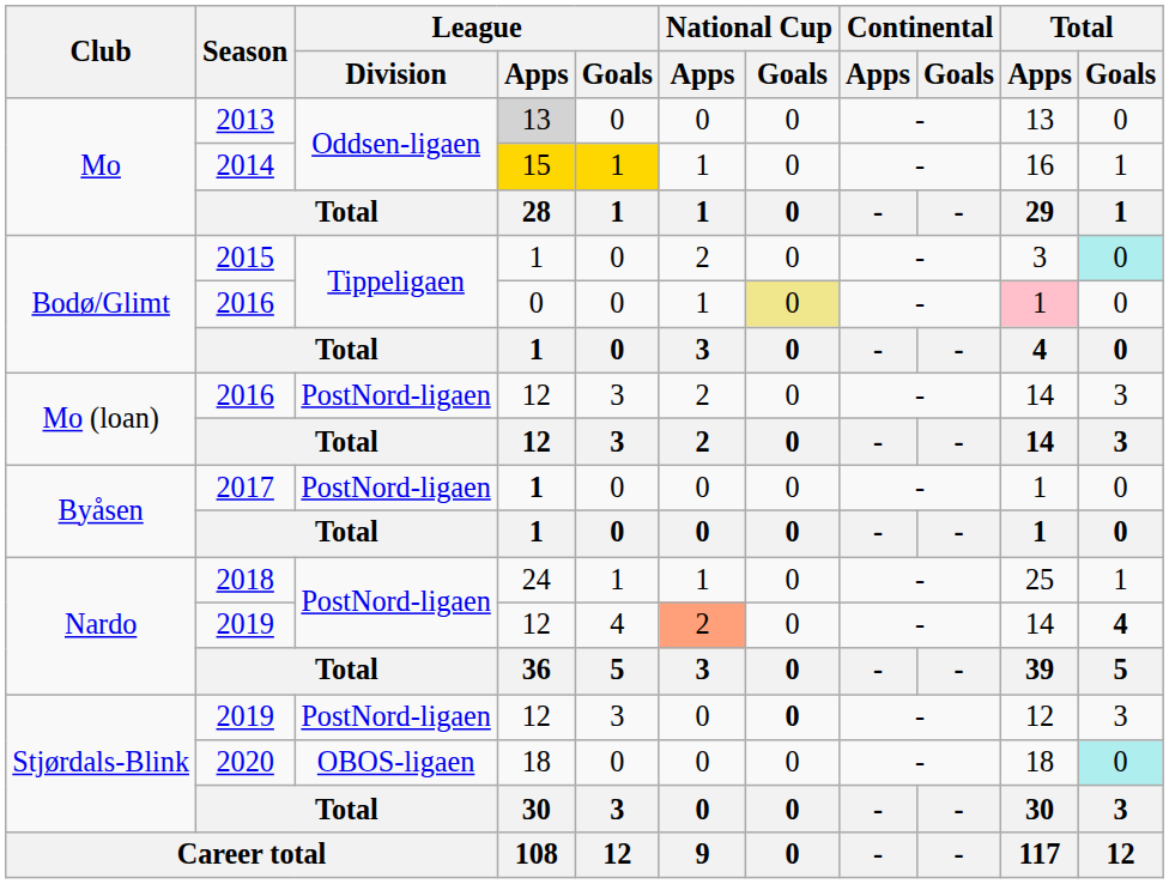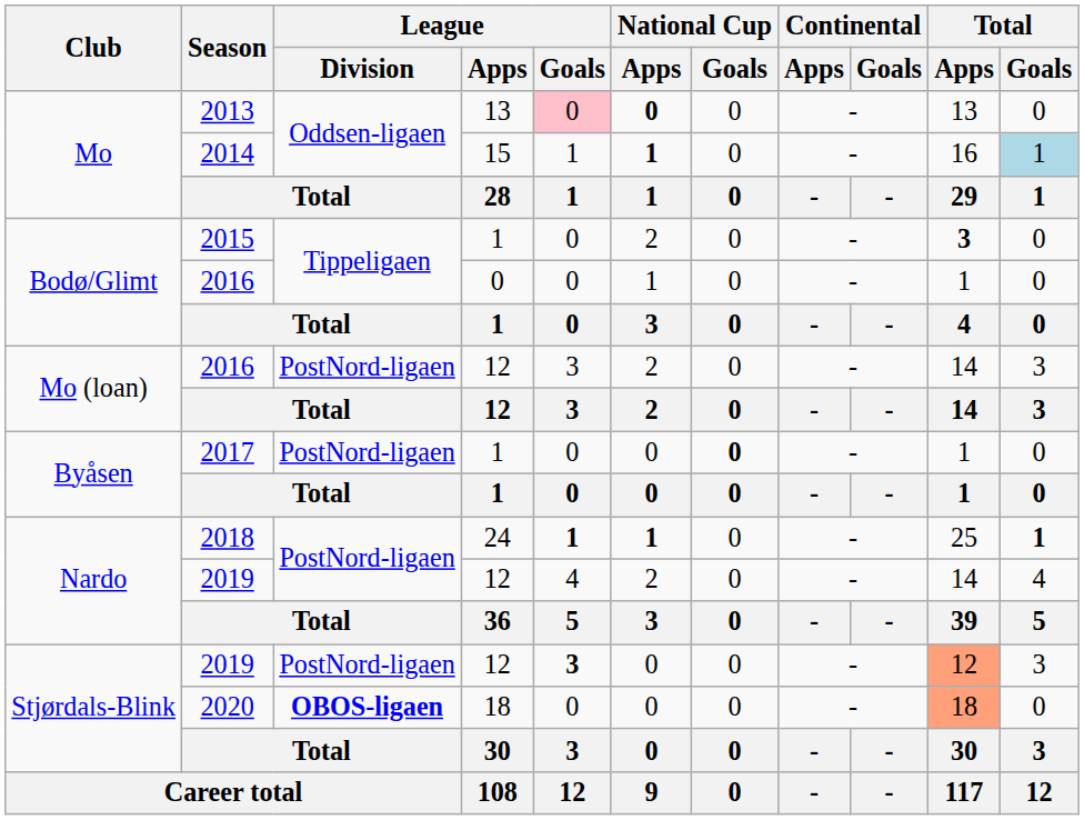 <table class="wikitable" style="text-align: center;">
 <tr>
 <th rowspan="2">Club</th>
 <th rowspan="2">Season</th>
 <th colspan="3">League</th>
 <th colspan="2">National Cup</th>
 <th colspan="2">Continental</th>
 <th colspan="2">Total</th>
 </tr>
 <tr>
 <th>Division</th>
 <th>Apps</th>
 <th>Goals</th>
 <th>Apps</th>
 <th>Goals</th>
 <th>Apps</th>
 <th>Goals</th>
 <th>Apps</th>
 <th>Goals</th>
 </tr>
 <tr>
 <td rowspan="3"><a href='#'>Mo</a></td>
 <td><a href='#'>2013</a></td>
 <td rowspan="2"><a href='#'>Oddsen-ligaen</a></td>
-<td style="background: lightgrey;">13</td>
-<td>0</td>
-<td>0</td>
+<td>13</td>
+<td style="background: pink;">0</td>
+<td><strong>0</strong></td>
 <td>0</td>
 <td colspan="2">-</td>
 <td>13</td>
 <td>0</td>
 </tr>
 <tr>
 <td><a href='#'>2014</a></td>
-<td style="background: gold;">15</td>
-<td style="background: gold;">1</td>
+<td>15</td>
 <td>1</td>
+<td><strong>1</strong></td>
 <td>0</td>
 <td colspan="2">-</td>
 <td>16</td>
-<td>1</td>
+<td style="background: lightblue;">1</td>
 </tr>
 <tr>
 <th colspan="2">Total</th>
 <th>28</th>
 <th>1</th>
 <th>1</th>
 <th>0</th>
 <th>-</th>
 <th>-</th>
 <th>29</th>
 <th>1</th>
 </tr>
 <tr>
 <td rowspan="3"><a href='#'>Bodø/Glimt</a></td>
 <td><a href='#'>2015</a></td>
 <td rowspan="2"><a href='#'>Tippeligaen</a></td>
 <td>1</td>
 <td>0</td>
 <td>2</td>
 <td>0</td>
 <td colspan="2">-</td>
-<td>3</td>
-<td style="background: paleturquoise;">0</td>
+<td><strong>3</strong></td>
+<td>0</td>
 </tr>
 <tr>
 <td><a href='#'>2016</a></td>
 <td>0</td>
 <td>0</td>
 <td>1</td>
-<td style="background: khaki;">0</td>
+<td>0</td>
 <td colspan="2">-</td>
-<td style="background: pink;">1</td>
+<td>1</td>
 <td>0</td>
 </tr>
 <tr>
 <th colspan="2">Total</th>
 <th>1</th>
 <th>0</th>
 <th>3</th>
 <th>0</th>
 <th>-</th>
 <th>-</th>
 <th>4</th>
 <th>0</th>
 </tr>
 <tr>
 <td rowspan="2"><a href='#'>Mo</a> (loan)</td>
 <td><a href='#'>2016</a></td>
 <td rowspan="1"><a href='#'>PostNord-ligaen</a></td>
 <td>12</td>
 <td>3</td>
 <td>2</td>
 <td>0</td>
 <td colspan="2">-</td>
 <td>14</td>
 <td>3</td>
 </tr>
 <tr>
 <th colspan="2">Total</th>
 <th>12</th>
 <th>3</th>
 <th>2</th>
 <th>0</th>
 <th>-</th>
 <th>-</th>
 <th>14</th>
 <th>3</th>
 </tr>
 <tr>
 <td rowspan="2"><a href='#'>Byåsen</a></td>
 <td><a href='#'>2017</a></td>
 <td rowspan="1"><a href='#'>PostNord-ligaen</a></td>
-<td><strong>1</strong></td>
+<td>1</td>
 <td>0</td>
 <td>0</td>
-<td>0</td>
+<td><strong>0</strong></td>
 <td colspan="2">-</td>
 <td>1</td>
 <td>0</td>
 </tr>
 <tr>
 <th colspan="2">Total</th>
 <th>1</th>
 <th>0</th>
 <th>0</th>
 <th>0</th>
 <th>-</th>
 <th>-</th>
 <th>1</th>
 <th>0</th>
 </tr>
 <tr>
 <td rowspan="3"><a href='#'>Nardo</a></td>
 <td><a href='#'>2018</a></td>
 <td rowspan="2"><a href='#'>PostNord-ligaen</a></td>
 <td>24</td>
-<td>1</td>
-<td>1</td>
+<td><strong>1</strong></td>
+<td><strong>1</strong></td>
 <td>0</td>
 <td colspan="2">-</td>
 <td>25</td>
-<td>1</td>
+<td><strong>1</strong></td>
 </tr>
 <tr>
 <td><a href='#'>2019</a></td>
 <td>12</td>
 <td>4</td>
-<td style="background: lightsalmon;">2</td>
+<td>2</td>
 <td>0</td>
 <td colspan="2">-</td>
 <td>14</td>
-<td><strong>4</strong></td>
+<td>4</td>
 </tr>
 <tr>
 <th colspan="2">Total</th>
 <th>36</th>
 <th>5</th>
 <th>3</th>
 <th>0</th>
 <th>-</th>
 <th>-</th>
 <th>39</th>
 <th>5</th>
 </tr>
 <tr>
 <td rowspan="3"><a href='#'>Stjørdals-Blink</a></td>
 <td><a href='#'>2019</a></td>
 <td rowspan="1"><a href='#'>PostNord-ligaen</a></td>
 <td>12</td>
-<td>3</td>
+<td><strong>3</strong></td>
 <td>0</td>
-<td><strong>0</strong></td>
+<td>0</td>
 <td colspan="2">-</td>
-<td>12</td>
+<td style="background: lightsalmon;">12</td>
 <td>3</td>
 </tr>
 <tr>
 <td><a href='#'>2020</a></td>
-<td rowspan="1"><a href='#'>OBOS-ligaen</a></td>
+<td rowspan="1"><strong><a href='#'>OBOS-ligaen</a></strong></td>
 <td>18</td>
 <td>0</td>
 <td>0</td>
 <td>0</td>
 <td colspan="2">-</td>
-<td>18</td>
-<td style="background: paleturquoise;">0</td>
+<td style="background: lightsalmon;">18</td>
+<td>0</td>
 </tr>
 <tr>
 <th colspan="2">Total</th>
 <th>30</th>
 <th>3</th>
 <th>0</th>
 <th>0</th>
 <th>-</th>
 <th>-</th>
 <th>30</th>
 <th>3</th>
 </tr>
 <tr>
 <th colspan="3">Career total</th>
 <th>108</th>
 <th>12</th>
 <th>9</th>
 <th>0</th>
 <th>-</th>
 <th>-</th>
 <th>117</th>
 <th>12</th>
 </tr>
 </table>
